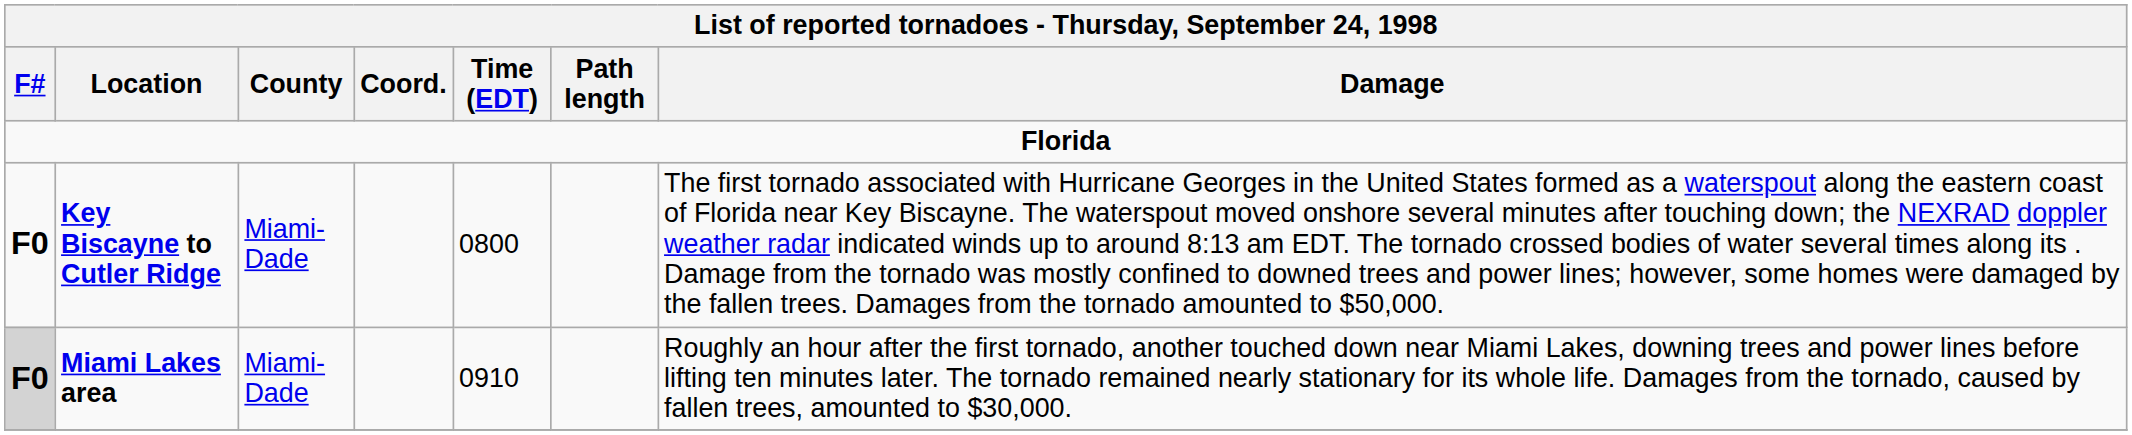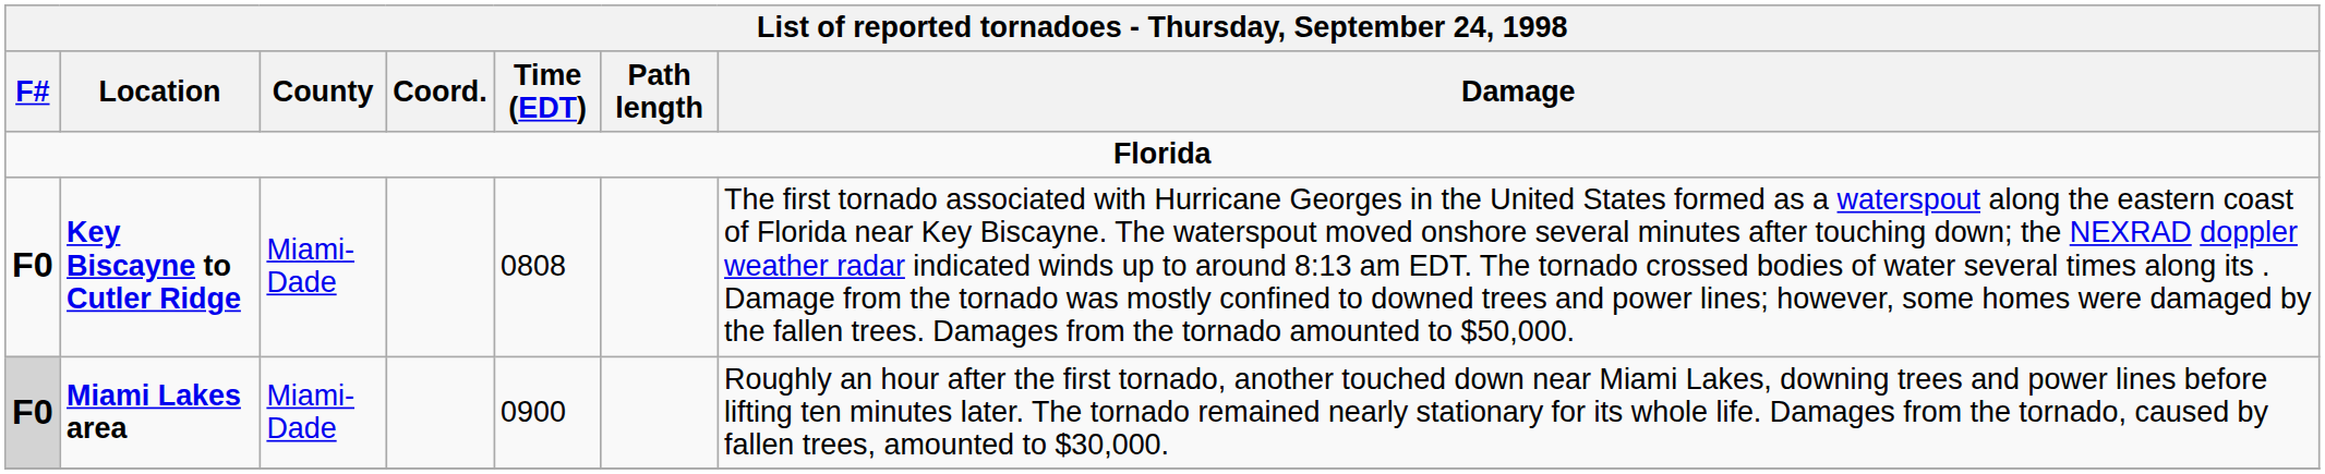 <table class="wikitable collapsible" width="100%">
 <tr>
 <th colspan="7">List of reported tornadoes - Thursday, September 24, 1998</th>
 </tr>
 <tr>
 <th><a href='#'>F#</a></th>
 <th>Location</th>
 <th>County</th>
 <th>Coord.</th>
 <th>Time (<a href='#'>EDT</a>)</th>
 <th>Path length</th>
 <th>Damage</th>
 </tr>
 <tr>
 <td colspan="7" align=center><strong>Florida</strong></td>
 </tr>
 <tr>
 <td><big><strong>F0</strong></big></td>
 <td><strong><a href='#'>Key Biscayne</a> to <a href='#'>Cutler Ridge</a></strong></td>
 <td><a href='#'>Miami-Dade</a></td>
 <td></td>
-<td>0800</td>
+<td>0808</td>
 <td></td>
 <td>The first tornado associated with Hurricane Georges in the United States formed as a <a href='#'>waterspout</a> along the eastern coast of Florida near Key Biscayne. The waterspout moved onshore several minutes after touching down; the <a href='#'>NEXRAD</a> <a href='#'>doppler weather radar</a> indicated winds up to  around 8:13 am EDT. The tornado crossed bodies of water several times along its . Damage from the tornado was mostly confined to downed trees and power lines; however, some homes were damaged by the fallen trees. Damages from the tornado amounted to $50,000.</td>
 </tr>
 <tr>
 <td style="background: lightgrey;"><big><strong>F0</strong></big></td>
 <td><strong><a href='#'>Miami Lakes</a> area</strong></td>
 <td><a href='#'>Miami-Dade</a></td>
 <td></td>
-<td>0910</td>
+<td>0900</td>
 <td></td>
 <td>Roughly an hour after the first tornado, another touched down near Miami Lakes, downing trees and power lines before lifting ten minutes later. The tornado remained nearly stationary for its whole life. Damages from the tornado, caused by fallen trees, amounted to $30,000.</td>
 </tr>
 <tr>
 </tr>
 </table>
